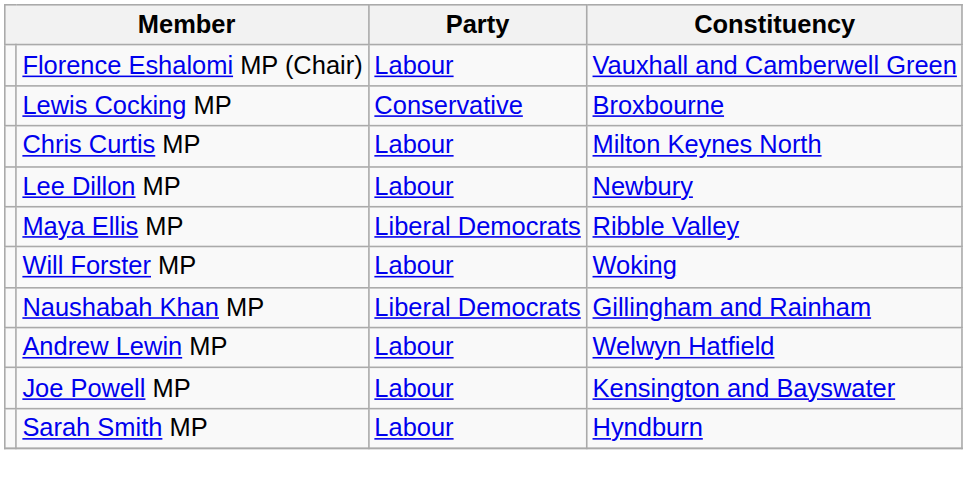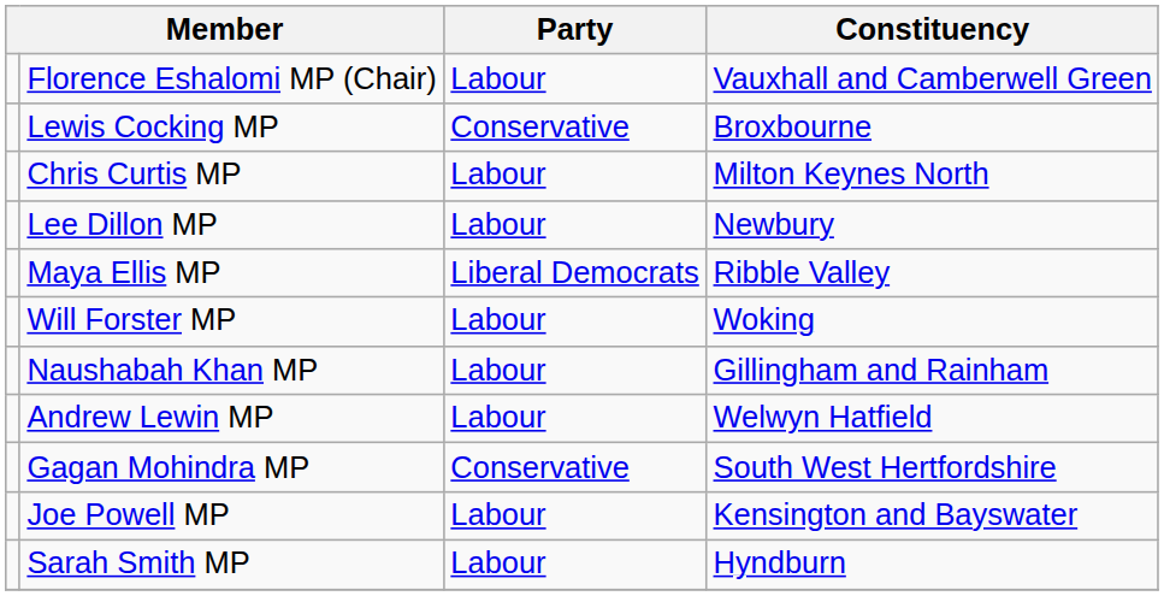 <table class="wikitable">
 <tr>
 <th colspan="2" valign="top">Member</th>
 <th valign="top">Party</th>
 <th valign="top">Constituency</th>
 </tr>
 <tr>
 <td style="color:inherit;background:"></td>
 <td><a href='#'>Florence Eshalomi</a> MP (Chair)</td>
 <td><a href='#'>Labour</a></td>
 <td><a href='#'>Vauxhall and Camberwell Green</a></td>
 </tr>
 <tr>
 <td style="color:inherit;background:"></td>
 <td><a href='#'>Lewis Cocking</a> MP</td>
 <td><a href='#'>Conservative</a></td>
 <td><a href='#'>Broxbourne</a></td>
 </tr>
 <tr>
 <td style="color:inherit;background:"></td>
 <td><a href='#'>Chris Curtis</a> MP</td>
 <td><a href='#'>Labour</a></td>
 <td><a href='#'>Milton Keynes North</a></td>
 </tr>
 <tr>
 <td style="color:inherit;background:"></td>
 <td><a href='#'>Lee Dillon</a> MP</td>
 <td><a href='#'>Labour</a></td>
 <td><a href='#'>Newbury</a></td>
 </tr>
 <tr>
 <td style="color:inherit;background:"></td>
 <td><a href='#'>Maya Ellis</a> MP</td>
 <td><a href='#'>Liberal Democrats</a></td>
 <td><a href='#'>Ribble Valley</a></td>
 </tr>
 <tr>
 <td style="color:inherit;background:"></td>
 <td><a href='#'>Will Forster</a> MP</td>
 <td><a href='#'>Labour</a></td>
 <td><a href='#'>Woking</a></td>
 </tr>
 <tr>
 <td style="color:inherit;background:"></td>
 <td><a href='#'>Naushabah Khan</a> MP</td>
-<td><a href='#'>Liberal Democrats</a></td>
+<td><a href='#'>Labour</a></td>
 <td><a href='#'>Gillingham and Rainham</a></td>
 </tr>
 <tr>
 <td style="color:inherit;background:"></td>
 <td><a href='#'>Andrew Lewin</a> MP</td>
 <td><a href='#'>Labour</a></td>
 <td><a href='#'>Welwyn Hatfield</a></td>
+</tr>
+<tr>
+<td style="color:inherit;background:"></td>
+<td><a href='#'>Gagan Mohindra</a> MP</td>
+<td><a href='#'>Conservative</a></td>
+<td><a href='#'>South West Hertfordshire</a></td>
 </tr>
 <tr>
 <td style="color:inherit;background:"></td>
 <td><a href='#'>Joe Powell</a> MP</td>
 <td><a href='#'>Labour</a></td>
 <td><a href='#'>Kensington and Bayswater</a></td>
 </tr>
 <tr>
 <td style="color:inherit;background:"></td>
 <td><a href='#'>Sarah Smith</a> MP</td>
 <td><a href='#'>Labour</a></td>
 <td><a href='#'>Hyndburn</a></td>
 </tr>
 <tr>
 </tr>
 </table>
